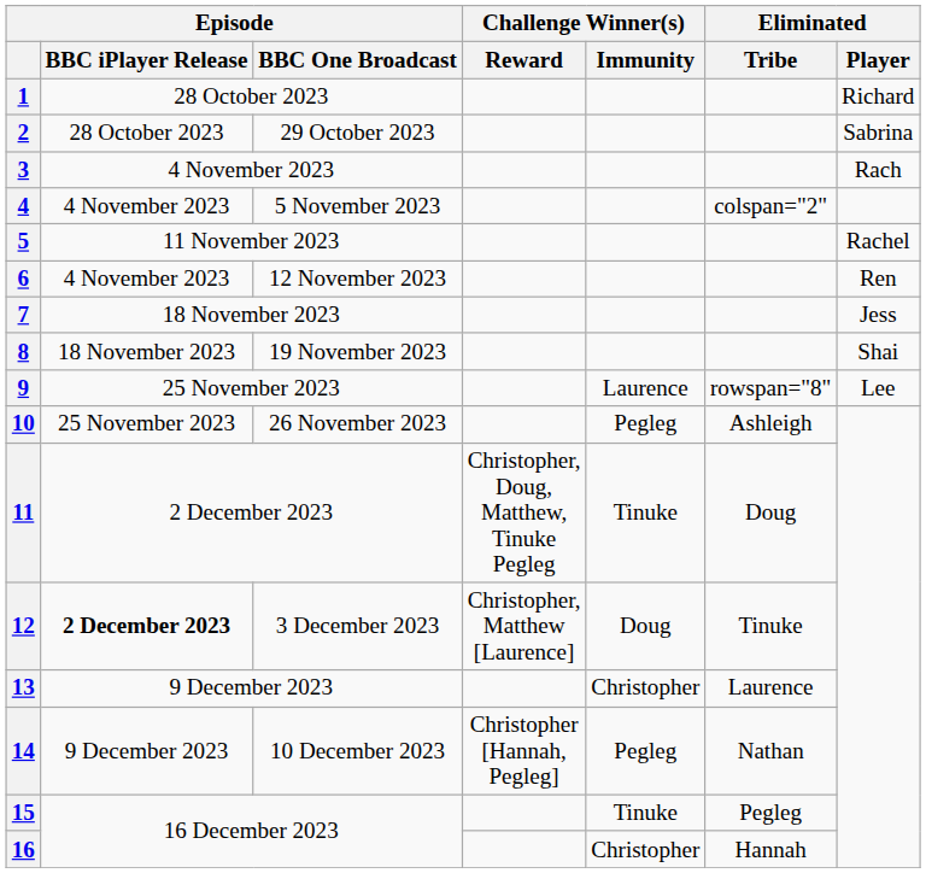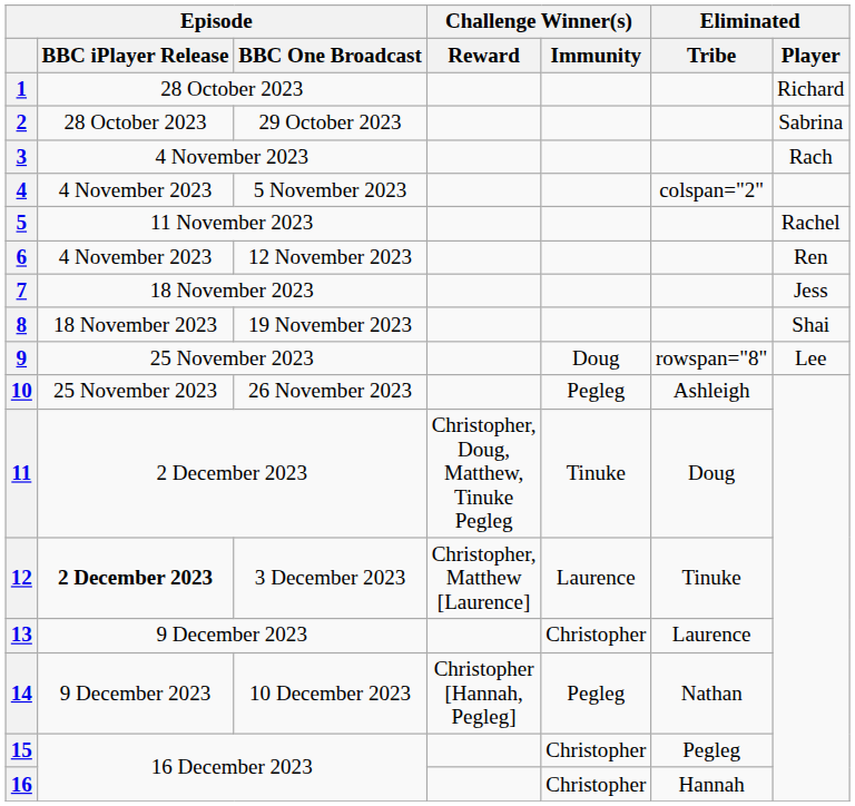 <table class="wikitable" style="margin:auto; text-align:center">
 <tr>
 <th colspan="3">Episode</th>
 <th colspan="2">Challenge Winner(s)</th>
 <th colspan="2">Eliminated</th>
 </tr>
 <tr>
 <th></th>
 <th>BBC iPlayer Release</th>
 <th>BBC One Broadcast</th>
 <th>Reward</th>
 <th>Immunity</th>
 <th>Tribe</th>
 <th>Player</th>
 </tr>
 <tr>
 <th><a href='#'>1</a></th>
 <td colspan="2">28 October 2023</td>
 <td></td>
 <td></td>
 <td></td>
 <td>Richard</td>
 </tr>
 <tr>
 <th><a href='#'>2</a></th>
 <td>28 October 2023</td>
 <td>29 October 2023</td>
 <td></td>
 <td></td>
 <td></td>
 <td>Sabrina</td>
 </tr>
 <tr>
 <th><a href='#'>3</a></th>
 <td colspan="2">4 November 2023</td>
 <td></td>
 <td></td>
 <td></td>
 <td>Rach</td>
 </tr>
 <tr>
 <th><a href='#'>4</a></th>
 <td>4 November 2023</td>
 <td>5 November 2023</td>
 <td></td>
 <td></td>
 <td>colspan="2" </td>
 </tr>
 <tr>
 <th><a href='#'>5</a></th>
 <td colspan="2">11 November 2023</td>
 <td></td>
 <td></td>
 <td></td>
 <td>Rachel</td>
 </tr>
 <tr>
 <th><a href='#'>6</a></th>
 <td>4 November 2023</td>
 <td>12 November 2023</td>
 <td></td>
 <td></td>
 <td></td>
 <td>Ren</td>
 </tr>
 <tr>
 <th><a href='#'>7</a></th>
 <td colspan="2">18 November 2023</td>
 <td></td>
 <td></td>
 <td></td>
 <td>Jess</td>
 </tr>
 <tr>
 <th><a href='#'>8</a></th>
 <td>18 November 2023</td>
 <td>19 November 2023</td>
 <td></td>
 <td></td>
 <td></td>
 <td>Shai</td>
 </tr>
 <tr>
 <th><a href='#'>9</a></th>
 <td colspan="2">25 November 2023</td>
 <td></td>
-<td>Laurence</td>
+<td>Doug</td>
 <td>rowspan="8" </td>
 <td>Lee</td>
 </tr>
 <tr>
 <th><a href='#'>10</a></th>
 <td>25 November 2023</td>
 <td>26 November 2023</td>
 <td></td>
 <td>Pegleg</td>
 <td>Ashleigh</td>
 </tr>
 <tr>
 <th><a href='#'>11</a></th>
 <td colspan="2">2 December 2023</td>
 <td>Christopher,<br>Doug,<br>Matthew,<br>Tinuke<br>Pegleg</td>
 <td>Tinuke</td>
 <td>Doug</td>
 </tr>
 <tr>
 <th><a href='#'>12</a></th>
 <td><strong>2 December 2023</strong></td>
 <td>3 December 2023</td>
 <td>Christopher,<br>Matthew<br>[Laurence]</td>
-<td>Doug</td>
+<td>Laurence</td>
 <td>Tinuke</td>
 </tr>
 <tr>
 <th><a href='#'>13</a></th>
 <td colspan="2">9 December 2023</td>
 <td></td>
 <td>Christopher</td>
 <td>Laurence</td>
 </tr>
 <tr>
 <th><a href='#'>14</a></th>
 <td>9 December 2023</td>
 <td>10 December 2023</td>
 <td>Christopher <br> [Hannah,<br> Pegleg]</td>
 <td>Pegleg</td>
 <td>Nathan</td>
 </tr>
 <tr>
 <th><a href='#'>15</a></th>
 <td colspan="2" rowspan="2">16 December 2023</td>
 <td></td>
-<td>Tinuke</td>
+<td>Christopher</td>
 <td>Pegleg</td>
 </tr>
 <tr>
 <th><a href='#'>16</a></th>
 <td></td>
 <td>Christopher</td>
 <td>Hannah</td>
 </tr>
 </table>
